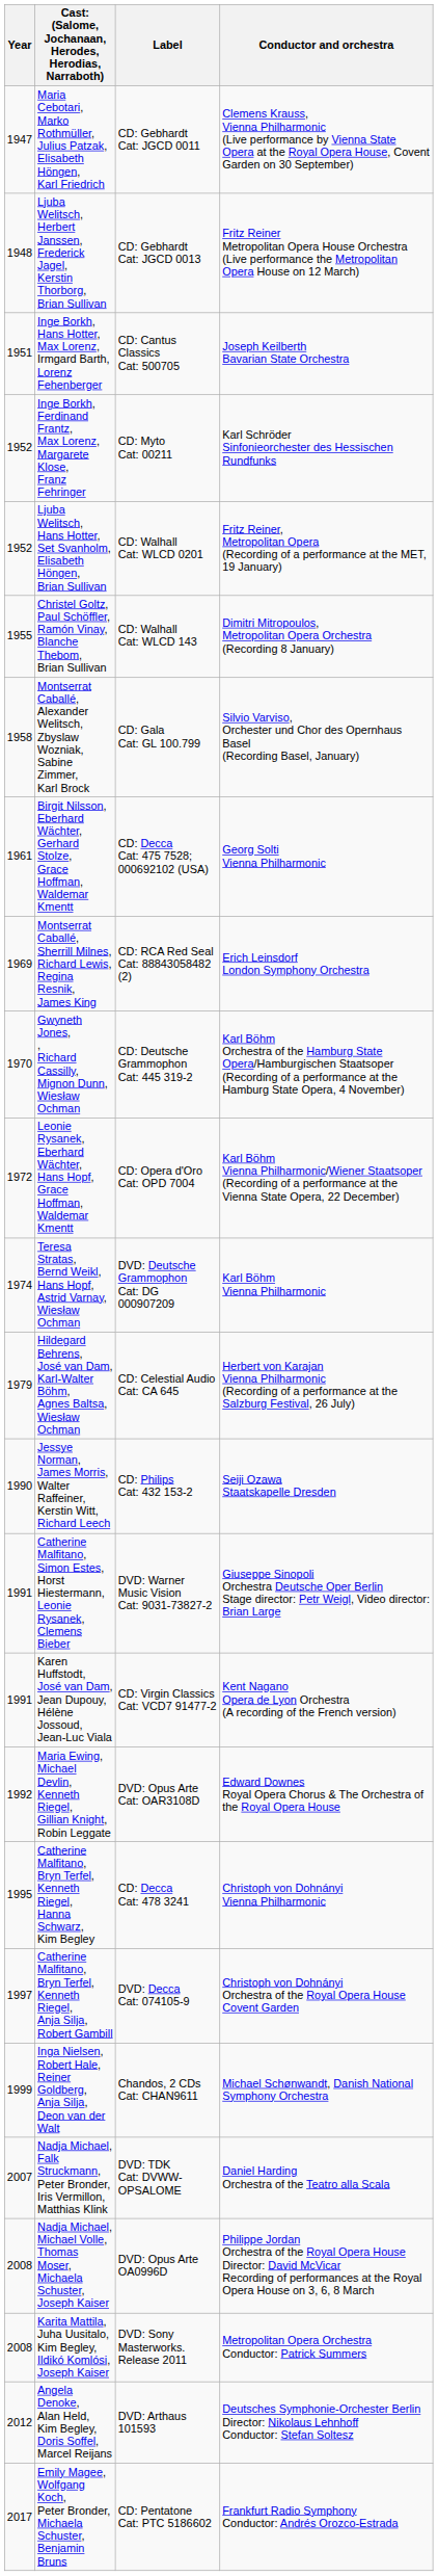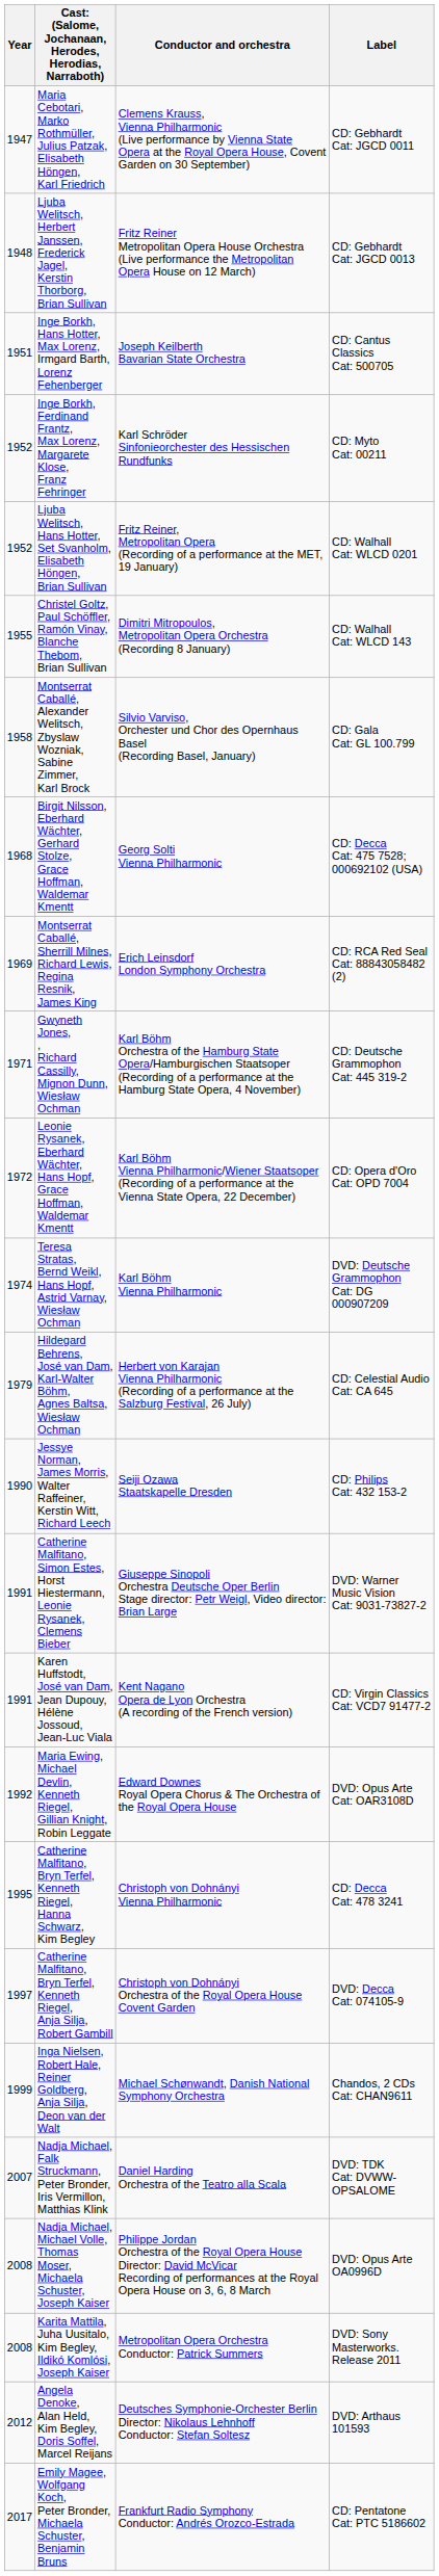 <table class="wikitable">
 <tr>
 <th>Year</th>
 <th>Cast: (Salome,<br>Jochanaan,<br>Herodes,<br>Herodias,<br>Narraboth)</th>
+<th>Conductor and orchestra</th>
 <th>Label</th>
-<th>Conductor and orchestra</th>
 </tr>
 <tr>
 <td>1947</td>
 <td><a href='#'>Maria Cebotari</a>,<br><a href='#'>Marko Rothmüller</a>,<br><a href='#'>Julius Patzak</a>,<br><a href='#'>Elisabeth Höngen</a>,<br><a href='#'>Karl Friedrich</a></td>
+<td><a href='#'>Clemens Krauss</a>,<br><a href='#'>Vienna Philharmonic</a><br>(Live performance by <a href='#'>Vienna State Opera</a> at the <a href='#'>Royal Opera House</a>, Covent Garden on 30 September)</td>
 <td>CD: Gebhardt<br>Cat: JGCD 0011</td>
-<td><a href='#'>Clemens Krauss</a>,<br><a href='#'>Vienna Philharmonic</a><br>(Live performance by <a href='#'>Vienna State Opera</a> at the <a href='#'>Royal Opera House</a>, Covent Garden on 30 September)</td>
 </tr>
 <tr>
 <td>1948</td>
 <td><a href='#'>Ljuba Welitsch</a>,<br><a href='#'>Herbert Janssen</a>,<br><a href='#'>Frederick Jagel</a>,<br><a href='#'>Kerstin Thorborg</a>,<br><a href='#'>Brian Sullivan</a></td>
+<td><a href='#'>Fritz Reiner</a><br>Metropolitan Opera House Orchestra<br>(Live performance the <a href='#'>Metropolitan Opera</a> House on 12 March)</td>
 <td>CD: Gebhardt<br>Cat: JGCD 0013</td>
-<td><a href='#'>Fritz Reiner</a><br>Metropolitan Opera House Orchestra<br>(Live performance the <a href='#'>Metropolitan Opera</a> House on 12 March)</td>
 </tr>
 <tr>
 <td>1951</td>
 <td><a href='#'>Inge Borkh</a>,<br><a href='#'>Hans Hotter</a>,<br><a href='#'>Max Lorenz</a>,<br>Irmgard Barth,<br><a href='#'>Lorenz Fehenberger</a></td>
+<td><a href='#'>Joseph Keilberth</a><br><a href='#'>Bavarian State Orchestra</a></td>
 <td>CD: Cantus Classics<br>Cat: 500705</td>
-<td><a href='#'>Joseph Keilberth</a><br><a href='#'>Bavarian State Orchestra</a></td>
 </tr>
 <tr>
 <td>1952</td>
 <td><a href='#'>Inge Borkh</a>,<br><a href='#'>Ferdinand Frantz</a>,<br><a href='#'>Max Lorenz</a>,<br><a href='#'>Margarete Klose</a>,<br><a href='#'>Franz Fehringer</a></td>
+<td>Karl Schröder<br><a href='#'>Sinfonieorchester des Hessischen Rundfunks</a></td>
 <td>CD: Myto<br>Cat: 00211</td>
-<td>Karl Schröder<br><a href='#'>Sinfonieorchester des Hessischen Rundfunks</a></td>
 </tr>
 <tr>
 <td>1952</td>
 <td><a href='#'>Ljuba Welitsch</a>,<br><a href='#'>Hans Hotter</a>,<br><a href='#'>Set Svanholm</a>,<br><a href='#'>Elisabeth Höngen</a>,<br><a href='#'>Brian Sullivan</a></td>
+<td><a href='#'>Fritz Reiner</a>,<br><a href='#'>Metropolitan Opera</a><br>(Recording of a performance at the MET, 19 January)</td>
 <td>CD: Walhall<br>Cat: WLCD 0201</td>
-<td><a href='#'>Fritz Reiner</a>,<br><a href='#'>Metropolitan Opera</a><br>(Recording of a performance at the MET, 19 January)</td>
 </tr>
 <tr>
 <td>1955</td>
 <td><a href='#'>Christel Goltz</a>,<br><a href='#'>Paul Schöffler</a>,<br><a href='#'>Ramón Vinay</a>,<br><a href='#'>Blanche Thebom</a>,<br>Brian Sullivan</td>
+<td><a href='#'>Dimitri Mitropoulos</a>,<br><a href='#'>Metropolitan Opera Orchestra</a><br>(Recording 8 January)</td>
 <td>CD: Walhall<br>Cat: WLCD 143</td>
-<td><a href='#'>Dimitri Mitropoulos</a>,<br><a href='#'>Metropolitan Opera Orchestra</a><br>(Recording 8 January)</td>
 </tr>
 <tr>
 <td>1958</td>
 <td><a href='#'>Montserrat Caballé</a>,<br>Alexander Welitsch,<br>Zbyslaw Wozniak,<br>Sabine Zimmer,<br>Karl Brock</td>
+<td><a href='#'>Silvio Varviso</a>,<br>Orchester und Chor des Opernhaus Basel<br>(Recording Basel, January)</td>
 <td>CD: Gala<br>Cat: GL 100.799</td>
-<td><a href='#'>Silvio Varviso</a>,<br>Orchester und Chor des Opernhaus Basel<br>(Recording Basel, January)</td>
 </tr>
 <tr>
-<td>1961</td>
+<td>1968</td>
 <td><a href='#'>Birgit Nilsson</a>,<br><a href='#'>Eberhard Wächter</a>,<br><a href='#'>Gerhard Stolze</a>,<br><a href='#'>Grace Hoffman</a>,<br><a href='#'>Waldemar Kmentt</a></td>
+<td><a href='#'>Georg Solti</a><br><a href='#'>Vienna Philharmonic</a></td>
 <td>CD: <a href='#'>Decca</a><br>Cat: 475 7528; 000692102 (USA)</td>
-<td><a href='#'>Georg Solti</a><br><a href='#'>Vienna Philharmonic</a></td>
 </tr>
 <tr>
 <td>1969</td>
 <td><a href='#'>Montserrat Caballé</a>,<br><a href='#'>Sherrill Milnes</a>,<br><a href='#'>Richard Lewis</a>,<br><a href='#'>Regina Resnik</a>,<br><a href='#'>James King</a></td>
+<td><a href='#'>Erich Leinsdorf</a><br><a href='#'>London Symphony Orchestra</a></td>
 <td>CD: RCA Red Seal <br>Cat: 88843058482 (2)</td>
-<td><a href='#'>Erich Leinsdorf</a><br><a href='#'>London Symphony Orchestra</a></td>
 </tr>
 <tr>
-<td>1970</td>
+<td>1971</td>
 <td><a href='#'>Gwyneth Jones</a>,<br>,<br><a href='#'>Richard Cassilly</a>,<br><a href='#'>Mignon Dunn</a>,<br><a href='#'>Wiesław Ochman</a></td>
+<td><a href='#'>Karl Böhm</a><br>Orchestra of the <a href='#'>Hamburg State Opera</a>/Hamburgischen Staatsoper<br>(Recording of a performance at the Hamburg State Opera, 4 November)</td>
 <td>CD: Deutsche Grammophon <br>Cat: 445 319-2</td>
-<td><a href='#'>Karl Böhm</a><br>Orchestra of the <a href='#'>Hamburg State Opera</a>/Hamburgischen Staatsoper<br>(Recording of a performance at the Hamburg State Opera, 4 November)</td>
 </tr>
 <tr>
 <td>1972</td>
 <td><a href='#'>Leonie Rysanek</a>,<br><a href='#'>Eberhard Wächter</a>,<br><a href='#'>Hans Hopf</a>,<br><a href='#'>Grace Hoffman</a>,<br><a href='#'>Waldemar Kmentt</a></td>
+<td><a href='#'>Karl Böhm</a><br><a href='#'>Vienna Philharmonic</a>/<a href='#'>Wiener Staatsoper</a><br>(Recording of a performance at the Vienna State Opera, 22 December)</td>
 <td>CD: Opera d'Oro <br>Cat: OPD 7004</td>
-<td><a href='#'>Karl Böhm</a><br><a href='#'>Vienna Philharmonic</a>/<a href='#'>Wiener Staatsoper</a><br>(Recording of a performance at the Vienna State Opera, 22 December)</td>
 </tr>
 <tr>
 <td>1974</td>
 <td><a href='#'>Teresa Stratas</a>,<br><a href='#'>Bernd Weikl</a>,<br><a href='#'>Hans Hopf</a>,<br><a href='#'>Astrid Varnay</a>,<br><a href='#'>Wiesław Ochman</a></td>
+<td><a href='#'>Karl Böhm</a><br><a href='#'>Vienna Philharmonic</a></td>
 <td>DVD: <a href='#'>Deutsche Grammophon</a><br>Cat: DG 000907209</td>
-<td><a href='#'>Karl Böhm</a><br><a href='#'>Vienna Philharmonic</a></td>
 </tr>
 <tr>
 <td>1979</td>
 <td><a href='#'>Hildegard Behrens</a>,<br><a href='#'>José van Dam</a>,<br><a href='#'>Karl-Walter Böhm</a>,<br><a href='#'>Agnes Baltsa</a>,<br><a href='#'>Wiesław Ochman</a></td>
+<td><a href='#'>Herbert von Karajan</a><br><a href='#'>Vienna Philharmonic</a><br>(Recording of a performance at the <a href='#'>Salzburg Festival</a>, 26 July)</td>
 <td>CD: Celestial Audio<br>Cat: CA 645</td>
-<td><a href='#'>Herbert von Karajan</a><br><a href='#'>Vienna Philharmonic</a><br>(Recording of a performance at the <a href='#'>Salzburg Festival</a>, 26 July)</td>
 </tr>
 <tr>
 <td>1990</td>
 <td><a href='#'>Jessye Norman</a>,<br><a href='#'>James Morris</a>,<br>Walter Raffeiner,<br>Kerstin Witt,<br><a href='#'>Richard Leech</a></td>
+<td><a href='#'>Seiji Ozawa</a><br><a href='#'>Staatskapelle Dresden</a></td>
 <td>CD: <a href='#'>Philips</a><br>Cat: 432 153-2</td>
-<td><a href='#'>Seiji Ozawa</a><br><a href='#'>Staatskapelle Dresden</a></td>
 </tr>
 <tr>
 <td>1991</td>
 <td><a href='#'>Catherine Malfitano</a>,<br><a href='#'>Simon Estes</a>,<br>Horst Hiestermann,<br><a href='#'>Leonie Rysanek</a>,<br><a href='#'>Clemens Bieber</a></td>
+<td><a href='#'>Giuseppe Sinopoli</a><br>Orchestra <a href='#'>Deutsche Oper Berlin</a><br>Stage director: <a href='#'>Petr Weigl</a>, Video director: <a href='#'>Brian Large</a></td>
 <td>DVD: Warner Music Vision<br>Cat: 9031-73827-2</td>
-<td><a href='#'>Giuseppe Sinopoli</a><br>Orchestra <a href='#'>Deutsche Oper Berlin</a><br>Stage director: <a href='#'>Petr Weigl</a>, Video director: <a href='#'>Brian Large</a></td>
 </tr>
 <tr>
 <td>1991</td>
 <td>Karen Huffstodt,<br><a href='#'>José van Dam</a>,<br>Jean Dupouy,<br>Hélène Jossoud,<br>Jean-Luc Viala</td>
+<td><a href='#'>Kent Nagano</a><br><a href='#'>Opera de Lyon</a> Orchestra<br>(A recording of the French version)</td>
 <td>CD: Virgin Classics<br>Cat: VCD7 91477-2</td>
-<td><a href='#'>Kent Nagano</a><br><a href='#'>Opera de Lyon</a> Orchestra<br>(A recording of the French version)</td>
 </tr>
 <tr>
 <td>1992</td>
 <td><a href='#'>Maria Ewing</a>,<br><a href='#'>Michael Devlin</a>,<br><a href='#'>Kenneth Riegel</a>,<br><a href='#'>Gillian Knight</a>,<br>Robin Leggate</td>
+<td><a href='#'>Edward Downes</a><br>Royal Opera Chorus & The Orchestra of the <a href='#'>Royal Opera House</a></td>
 <td>DVD: Opus Arte <br>Cat: OAR3108D</td>
-<td><a href='#'>Edward Downes</a><br>Royal Opera Chorus & The Orchestra of the <a href='#'>Royal Opera House</a></td>
 </tr>
 <tr>
 <td>1995</td>
 <td><a href='#'>Catherine Malfitano</a>,<br><a href='#'>Bryn Terfel</a>,<br><a href='#'>Kenneth Riegel</a>,<br><a href='#'>Hanna Schwarz</a>,<br>Kim Begley</td>
+<td><a href='#'>Christoph von Dohnányi</a><br><a href='#'>Vienna Philharmonic</a></td>
 <td>CD: <a href='#'>Decca</a> <br>Cat: 478 3241</td>
-<td><a href='#'>Christoph von Dohnányi</a><br><a href='#'>Vienna Philharmonic</a></td>
 </tr>
 <tr>
 <td>1997</td>
 <td><a href='#'>Catherine Malfitano</a>,<br><a href='#'>Bryn Terfel</a>,<br><a href='#'>Kenneth Riegel</a>,<br><a href='#'>Anja Silja</a>,<br><a href='#'>Robert Gambill</a></td>
+<td><a href='#'>Christoph von Dohnányi</a><br>Orchestra of the <a href='#'>Royal Opera House Covent Garden</a></td>
 <td>DVD: <a href='#'>Decca</a><br>Cat: 074105-9</td>
-<td><a href='#'>Christoph von Dohnányi</a><br>Orchestra of the <a href='#'>Royal Opera House Covent Garden</a></td>
 </tr>
 <tr>
 <td>1999</td>
 <td><a href='#'>Inga Nielsen</a>,<br><a href='#'>Robert Hale</a>,<br><a href='#'>Reiner Goldberg</a>,<br><a href='#'>Anja Silja</a>,<br><a href='#'>Deon van der Walt</a></td>
+<td><a href='#'>Michael Schønwandt</a>, <a href='#'>Danish National Symphony Orchestra</a></td>
 <td>Chandos, 2 CDs<br>Cat: CHAN9611</td>
-<td><a href='#'>Michael Schønwandt</a>, <a href='#'>Danish National Symphony Orchestra</a></td>
 </tr>
 <tr>
 <td>2007</td>
 <td><a href='#'>Nadja Michael</a>,<br><a href='#'>Falk Struckmann</a>,<br>Peter Bronder,<br>Iris Vermillon,<br>Matthias Klink</td>
+<td><a href='#'>Daniel Harding</a><br>Orchestra of the <a href='#'>Teatro alla Scala</a></td>
 <td>DVD: TDK<br>Cat: DVWW-OPSALOME</td>
-<td><a href='#'>Daniel Harding</a><br>Orchestra of the <a href='#'>Teatro alla Scala</a></td>
 </tr>
 <tr>
 <td>2008</td>
 <td><a href='#'>Nadja Michael</a>,<br><a href='#'>Michael Volle</a>,<br><a href='#'>Thomas Moser</a>,<br><a href='#'>Michaela Schuster</a>,<br><a href='#'>Joseph Kaiser</a></td>
+<td><a href='#'>Philippe Jordan</a><br>Orchestra of the <a href='#'>Royal Opera House</a><br>Director: <a href='#'>David McVicar</a><br>Recording of performances at the Royal Opera House on 3, 6, 8 March</td>
 <td>DVD: Opus Arte OA0996D</td>
-<td><a href='#'>Philippe Jordan</a><br>Orchestra of the <a href='#'>Royal Opera House</a><br>Director: <a href='#'>David McVicar</a><br>Recording of performances at the Royal Opera House on 3, 6, 8 March</td>
 </tr>
 <tr>
 <td>2008</td>
 <td><a href='#'>Karita Mattila</a>,<br>Juha Uusitalo,<br>Kim Begley,<br><a href='#'>Ildikó Komlósi</a>,<br><a href='#'>Joseph Kaiser</a></td>
+<td><a href='#'>Metropolitan Opera Orchestra</a><br>Conductor: <a href='#'>Patrick Summers</a></td>
 <td>DVD: Sony Masterworks. Release 2011</td>
-<td><a href='#'>Metropolitan Opera Orchestra</a><br>Conductor: <a href='#'>Patrick Summers</a></td>
 </tr>
 <tr>
 <td>2012</td>
 <td><a href='#'>Angela Denoke</a>,<br>Alan Held,<br>Kim Begley,<br><a href='#'>Doris Soffel</a>,<br>Marcel Reijans</td>
+<td><a href='#'>Deutsches Symphonie-Orchester Berlin</a><br>Director: <a href='#'>Nikolaus Lehnhoff</a><br>Conductor: <a href='#'>Stefan Soltesz</a></td>
 <td>DVD: Arthaus 101593</td>
-<td><a href='#'>Deutsches Symphonie-Orchester Berlin</a><br>Director: <a href='#'>Nikolaus Lehnhoff</a><br>Conductor: <a href='#'>Stefan Soltesz</a></td>
 </tr>
 <tr>
 <td>2017</td>
 <td><a href='#'>Emily Magee</a>,<br><a href='#'>Wolfgang Koch</a>,<br>Peter Bronder,<br><a href='#'>Michaela Schuster</a>,<br><a href='#'>Benjamin Bruns</a></td>
+<td><a href='#'>Frankfurt Radio Symphony</a><br>Conductor: <a href='#'>Andrés Orozco-Estrada</a></td>
 <td>CD: Pentatone<br>Cat: PTC 5186602</td>
-<td><a href='#'>Frankfurt Radio Symphony</a><br>Conductor: <a href='#'>Andrés Orozco-Estrada</a></td>
 </tr>
 </table>
